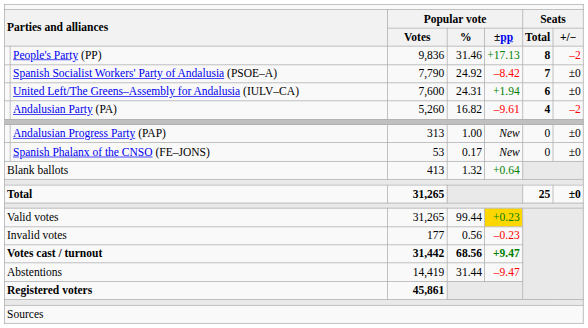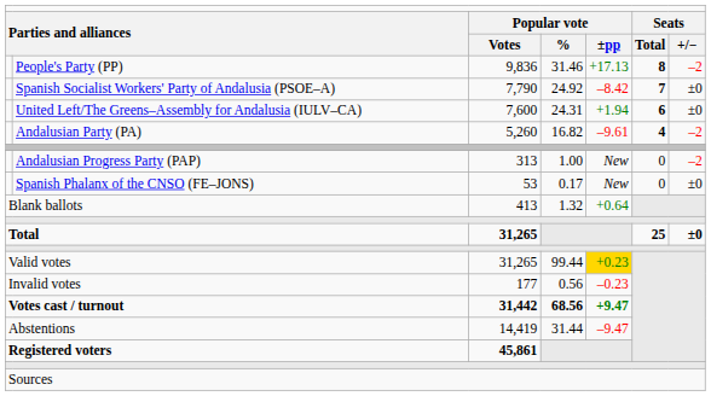 <table class="wikitable" style="text-align:right;">
 <tr>
 <td colspan="7"></td>
 </tr>
 <tr>
 <th style="text-align:left;" rowspan="2" colspan="2" width="525">Parties and alliances</th>
 <th colspan="3">Popular vote</th>
 <th colspan="2">Seats</th>
 </tr>
 <tr>
 <th width="75">Votes</th>
 <th width="45">%</th>
 <th width="45">±<a href='#'>pp</a></th>
 <th width="35">Total</th>
 <th width="35">+/−</th>
 </tr>
 <tr>
 <td width="1" style="color:inherit;background:"></td>
 <td align="left"><a href='#'>People's Party</a> (PP)</td>
 <td>9,836</td>
 <td>31.46</td>
 <td style="color:green;">+17.13</td>
 <td><strong>8</strong></td>
 <td style="color:red;">–2</td>
 </tr>
 <tr>
 <td style="color:inherit;background:"></td>
 <td align="left"><a href='#'>Spanish Socialist Workers' Party of Andalusia</a> (PSOE–A)</td>
 <td>7,790</td>
 <td>24.92</td>
 <td style="color:red;">–8.42</td>
 <td><strong>7</strong></td>
 <td>±0</td>
 </tr>
 <tr>
 <td style="color:inherit;background:"></td>
 <td align="left"><a href='#'>United Left/The Greens–Assembly for Andalusia</a> (IULV–CA)</td>
 <td>7,600</td>
 <td>24.31</td>
 <td style="color:green;">+1.94</td>
 <td><strong>6</strong></td>
 <td>±0</td>
 </tr>
 <tr>
 <td style="color:inherit;background:"></td>
 <td align="left"><a href='#'>Andalusian Party</a> (PA)</td>
 <td>5,260</td>
 <td>16.82</td>
 <td style="color:red;">–9.61</td>
 <td><strong>4</strong></td>
 <td style="color:red;">–2</td>
 </tr>
 <tr>
 <td colspan="7" bgcolor="#C0C0C0"></td>
 </tr>
 <tr>
 <td style="color:inherit;background:"></td>
 <td align="left"><a href='#'>Andalusian Progress Party</a> (PAP)</td>
 <td>313</td>
 <td>1.00</td>
 <td><em>New</em></td>
 <td>0</td>
-<td>±0</td>
+<td style="color:red;">–2</td>
 </tr>
 <tr>
 <td style="color:inherit;background:"></td>
 <td align="left"><a href='#'>Spanish Phalanx of the CNSO</a> (FE–JONS)</td>
 <td>53</td>
 <td>0.17</td>
 <td><em>New</em></td>
 <td>0</td>
 <td>±0</td>
 </tr>
 <tr>
 <td align="left" colspan="2">Blank ballots</td>
 <td>413</td>
 <td>1.32</td>
 <td style="color:green;">+0.64</td>
 <td bgcolor="#E9E9E9" colspan="2"></td>
 </tr>
 <tr>
 <td colspan="7" bgcolor="#E9E9E9"></td>
 </tr>
 <tr style="font-weight:bold;">
 <td align="left" colspan="2">Total</td>
 <td>31,265</td>
 <td bgcolor="#E9E9E9" colspan="2"></td>
 <td>25</td>
 <td>±0</td>
 </tr>
 <tr>
 <td colspan="7" bgcolor="#E9E9E9"></td>
 </tr>
 <tr>
 <td align="left" colspan="2">Valid votes</td>
 <td>31,265</td>
 <td>99.44</td>
 <td style="background: gold; color:green;">+0.23</td>
 <td bgcolor="#E9E9E9" colspan="2" rowspan="5"></td>
 </tr>
 <tr>
 <td align="left" colspan="2">Invalid votes</td>
 <td>177</td>
 <td>0.56</td>
 <td style="color:red;">–0.23</td>
 </tr>
 <tr style="font-weight:bold;">
 <td align="left" colspan="2">Votes cast / turnout</td>
 <td>31,442</td>
 <td>68.56</td>
 <td style="color:green;">+9.47</td>
 </tr>
 <tr>
 <td align="left" colspan="2">Abstentions</td>
 <td>14,419</td>
 <td>31.44</td>
 <td style="color:red;">–9.47</td>
 </tr>
 <tr style="font-weight:bold;">
 <td align="left" colspan="2">Registered voters</td>
 <td>45,861</td>
 <td bgcolor="#E9E9E9" colspan="2"></td>
 </tr>
 <tr>
 <td colspan="7" bgcolor="#E9E9E9"></td>
 </tr>
 <tr>
 <td align="left" colspan="7">Sources</td>
 </tr>
 </table>
